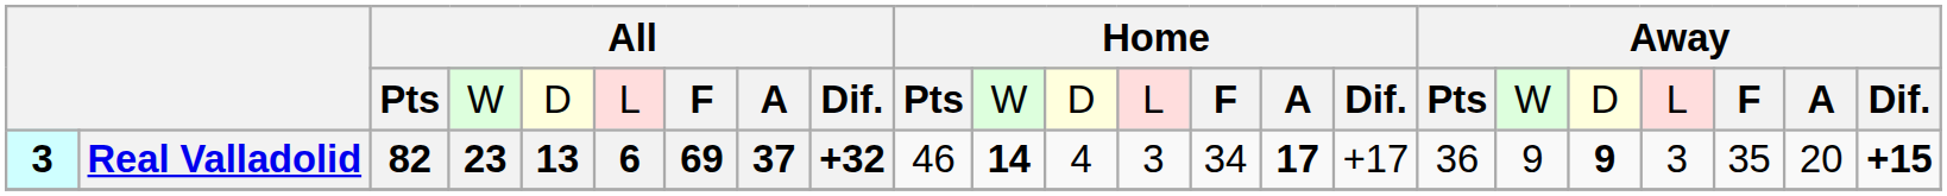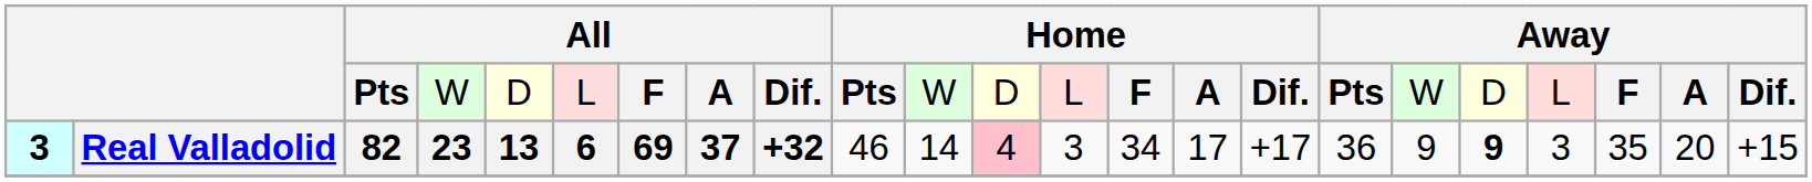 <table class="wikitable" style="font-size: 90%">
 <tr>
 <th rowspan="2" colspan="2"></th>
 <th colspan="7">All</th>
 <th colspan="7">Home</th>
 <th colspan="7">Away</th>
 </tr>
 <tr>
 <th width="20">Pts</th>
 <td bgcolor="#ddffdd" align="center" width="20">W</td>
 <td bgcolor="#ffffdd" align="center" width="20">D</td>
 <td bgcolor="#ffdddd" align="center" width="20">L</td>
 <th width="20">F</th>
 <th width="20">A</th>
 <th width="20">Dif.</th>
 <th width="20">Pts</th>
 <td bgcolor="#ddffdd" align="center" width="20">W</td>
 <td bgcolor="#ffffdd" align="center" width="20">D</td>
 <td bgcolor="#ffdddd" align="center" width="20">L</td>
 <th width="20">F</th>
 <th width="20">A</th>
 <th width="20">Dif.</th>
 <th width="20">Pts</th>
 <td bgcolor="#ddffdd" align="center" width="20">W</td>
 <td bgcolor="#ffffdd" align="center" width="20">D</td>
 <td bgcolor="#ffdddd" align="center" width="20">L</td>
 <th width="20">F</th>
 <th width="20">A</th>
 <th width="20">Dif.</th>
 </tr>
 <tr>
 <td width="20" align="center" bgcolor="#cfffff"><strong>3</strong></td>
 <th><a href='#'>Real Valladolid</a></th>
 <th>82</th>
 <th>23</th>
 <th>13</th>
 <th>6</th>
 <th>69</th>
 <th>37</th>
 <th>+32</th>
 <td align="center">46</td>
-<td align="center"><strong>14</strong></td>
-<td align="center">4</td>
+<td align="center">14</td>
+<td align="center" style="background: pink;">4</td>
 <td align="center">3</td>
 <td align="center">34</td>
-<td align="center"><strong>17</strong></td>
+<td align="center">17</td>
 <td align="center">+17</td>
 <td align="center">36</td>
 <td align="center">9</td>
 <td align="center"><strong>9</strong></td>
 <td align="center">3</td>
 <td align="center">35</td>
 <td align="center">20</td>
-<td align="center"><strong>+15</strong></td>
+<td align="center">+15</td>
 </tr>
 <tr>
 </tr>
 </table>
